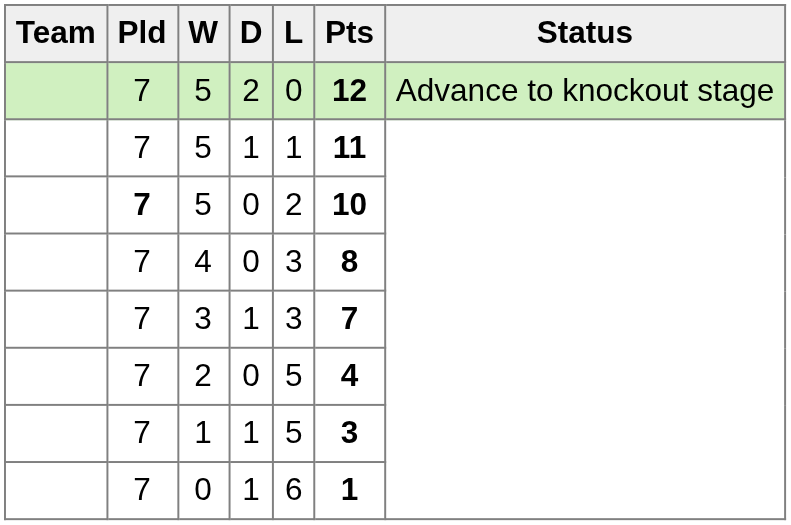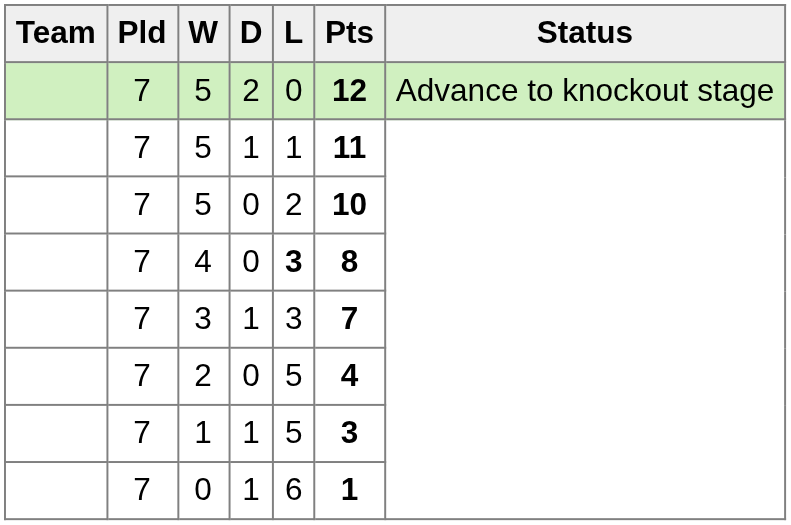 <table style=border-collapse:collapse border=1 cellspacing=0 cellpadding=5>
 <tr align=center bgcolor=#efefef>
 <th>Team</th>
 <th>Pld</th>
 <th>W</th>
 <th>D</th>
 <th>L</th>
 <th>Pts</th>
 <th>Status</th>
 </tr>
 <tr align=center style="background:#D0F0C0;">
 <td style="text-align:left;"> </td>
 <td>7</td>
 <td>5</td>
 <td>2</td>
 <td>0</td>
 <td><strong>12</strong></td>
 <td rowspan=1>Advance to knockout stage</td>
 </tr>
 <tr align=center style="background:">
 <td style="text-align:left;"> </td>
 <td>7</td>
 <td>5</td>
 <td>1</td>
 <td>1</td>
 <td><strong>11</strong></td>
 <td rowspan=7></td>
 </tr>
 <tr align=center style="background:#FFFFFF;">
 <td style="text-align:left;"> </td>
-<td><strong>7</strong></td>
+<td>7</td>
 <td>5</td>
 <td>0</td>
 <td>2</td>
 <td><strong>10</strong></td>
 </tr>
 <tr align=center style="background:#FFFFFF;">
 <td style="text-align:left;"> </td>
 <td>7</td>
 <td>4</td>
 <td>0</td>
-<td>3</td>
+<td><strong>3</strong></td>
 <td><strong>8</strong></td>
 </tr>
 <tr align=center style="background:#FFFFFF;">
 <td style="text-align:left;"> </td>
 <td>7</td>
 <td>3</td>
 <td>1</td>
 <td>3</td>
 <td><strong>7</strong></td>
 </tr>
 <tr align=center style="background:#FFFFFF;">
 <td style="text-align:left;"> </td>
 <td>7</td>
 <td>2</td>
 <td>0</td>
 <td>5</td>
 <td><strong>4</strong></td>
 </tr>
 <tr align=center style="background:#FFFFFF;">
 <td style="text-align:left;"> </td>
 <td>7</td>
 <td>1</td>
 <td>1</td>
 <td>5</td>
 <td><strong>3</strong></td>
 </tr>
 <tr align=center style="background:#FFFFFF;">
 <td style="text-align:left;"> </td>
 <td>7</td>
 <td>0</td>
 <td>1</td>
 <td>6</td>
 <td><strong>1</strong></td>
 </tr>
 </table>
